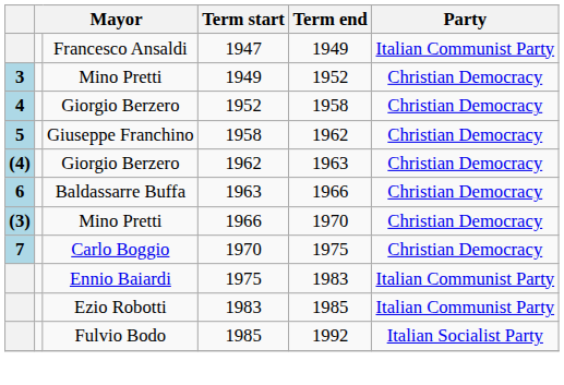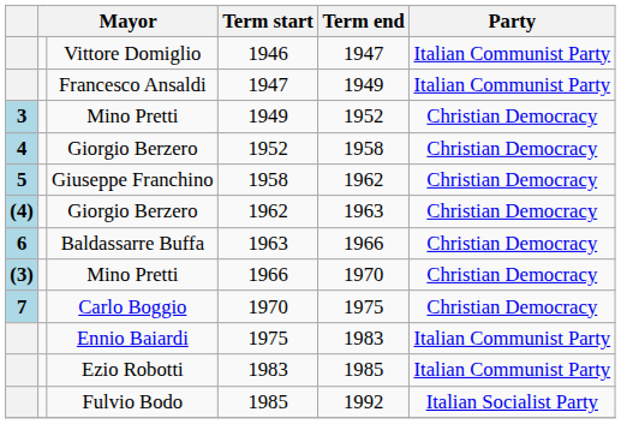 <table class="wikitable" style="text-align: center;">
 <tr>
 <th class=unsortable> </th>
 <th colspan=2>Mayor</th>
 <th>Term start</th>
 <th>Term end</th>
 <th>Party</th>
+</tr>
+<tr>
+<th rowspan=1 style="background:"></th>
+<td></td>
+<td>Vittore Domiglio</td>
+<td align=center>1946</td>
+<td align=center>1947</td>
+<td><a href='#'>Italian Communist Party</a></td>
 </tr>
 <tr>
 <th rowspan=1 style="background:"></th>
 <td></td>
 <td>Francesco Ansaldi</td>
 <td align=center>1947</td>
 <td align=center>1949</td>
 <td><a href='#'>Italian Communist Party</a></td>
 </tr>
 <tr>
 <th style="background:#ADD8E6;">3</th>
 <td></td>
 <td>Mino Pretti</td>
 <td align=center>1949</td>
 <td align=center>1952</td>
 <td><a href='#'>Christian Democracy</a></td>
 </tr>
 <tr>
 <th style="background:#ADD8E6;">4</th>
 <td></td>
 <td>Giorgio Berzero</td>
 <td align=center>1952</td>
 <td align=center>1958</td>
 <td><a href='#'>Christian Democracy</a></td>
 </tr>
 <tr>
 <th style="background:#ADD8E6;">5</th>
 <td></td>
 <td>Giuseppe Franchino</td>
 <td align=center>1958</td>
 <td align=center>1962</td>
 <td><a href='#'>Christian Democracy</a></td>
 </tr>
 <tr>
 <th style="background:#ADD8E6;">(4)</th>
 <td></td>
 <td>Giorgio Berzero</td>
 <td align=center>1962</td>
 <td align=center>1963</td>
 <td><a href='#'>Christian Democracy</a></td>
 </tr>
 <tr>
 <th style="background:#ADD8E6;">6</th>
 <td></td>
 <td>Baldassarre Buffa</td>
 <td align=center>1963</td>
 <td align=center>1966</td>
 <td><a href='#'>Christian Democracy</a></td>
 </tr>
 <tr>
 <th style="background:#ADD8E6;">(3)</th>
 <td></td>
 <td>Mino Pretti</td>
 <td align=center>1966</td>
 <td align=center>1970</td>
 <td><a href='#'>Christian Democracy</a></td>
 </tr>
 <tr>
 <th style="background:#ADD8E6;">7</th>
 <td></td>
 <td><a href='#'>Carlo Boggio</a></td>
 <td align=center>1970</td>
 <td align=center>1975</td>
 <td><a href='#'>Christian Democracy</a></td>
 </tr>
 <tr>
 <th rowspan=1 style="background:"></th>
 <td></td>
 <td><a href='#'>Ennio Baiardi</a></td>
 <td align=center>1975</td>
 <td align=center>1983</td>
 <td><a href='#'>Italian Communist Party</a></td>
 </tr>
 <tr>
 <th rowspan=1 style="background:"></th>
 <td></td>
 <td>Ezio Robotti</td>
 <td align=center>1983</td>
 <td align=center>1985</td>
 <td><a href='#'>Italian Communist Party</a></td>
 </tr>
 <tr>
 <th rowspan=1 style="background:"></th>
 <td></td>
 <td>Fulvio Bodo</td>
 <td align=center>1985</td>
 <td align=center>1992</td>
 <td><a href='#'>Italian Socialist Party</a></td>
 </tr>
 <tr>
 </tr>
 </table>
